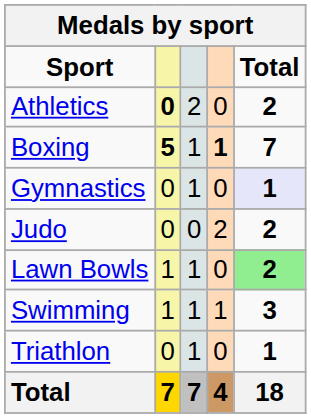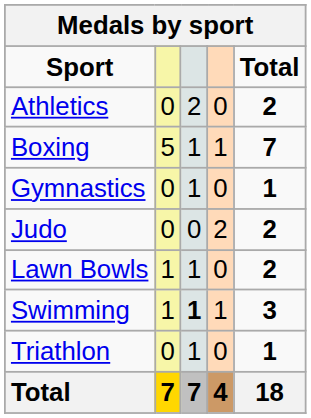 <table class="wikitable" style="text-align:center;font-size:90%">
 <tr style="background:#efefef;">
 <th colspan=7>Medals by sport</th>
 </tr>
 <tr>
 <td><strong>Sport</strong></td>
 <td bgcolor=#f7f6a8></td>
 <td bgcolor=#dce5e5></td>
 <td bgcolor=#ffdab9></td>
 <td><strong>Total</strong></td>
 </tr>
 <tr>
 <td style="text-align:left;"><a href='#'>Athletics</a></td>
-<td style="background:#F7F6A8;"><strong>0</strong></td>
+<td style="background:#F7F6A8;">0</td>
 <td style="background:#DCE5E5;">2</td>
 <td style="background:#FFDAB9;">0</td>
 <td><strong>2</strong></td>
 </tr>
 <tr>
 <td style="text-align:left;"><a href='#'>Boxing</a></td>
-<td style="background:#F7F6A8;"><strong>5</strong></td>
+<td style="background:#F7F6A8;">5</td>
 <td style="background:#DCE5E5;">1</td>
-<td style="background:#FFDAB9;"><strong>1</strong></td>
+<td style="background:#FFDAB9;">1</td>
 <td><strong>7</strong></td>
 </tr>
 <tr>
 <td style="text-align:left;"><a href='#'>Gymnastics</a></td>
 <td style="background:#F7F6A8;">0</td>
 <td style="background:#DCE5E5;">1</td>
 <td style="background:#FFDAB9;">0</td>
-<td style="background: lavender;"><strong>1</strong></td>
+<td><strong>1</strong></td>
 </tr>
 <tr>
 <td style="text-align:left;"><a href='#'>Judo</a></td>
 <td style="background:#F7F6A8;">0</td>
 <td style="background:#DCE5E5;">0</td>
 <td style="background:#FFDAB9;">2</td>
 <td><strong>2</strong></td>
 </tr>
 <tr>
 <td style="text-align:left;"><a href='#'>Lawn Bowls</a></td>
 <td style="background:#F7F6A8;">1</td>
 <td style="background:#DCE5E5;">1</td>
 <td style="background:#FFDAB9;">0</td>
-<td style="background: lightgreen;"><strong>2</strong></td>
+<td><strong>2</strong></td>
 </tr>
 <tr>
 <td style="text-align:left;"><a href='#'>Swimming</a></td>
 <td style="background:#F7F6A8;">1</td>
-<td style="background:#DCE5E5;">1</td>
+<td style="background:#DCE5E5;"><strong>1</strong></td>
 <td style="background:#FFDAB9;">1</td>
 <td><strong>3</strong></td>
 </tr>
 <tr>
 <td style="text-align:left;"><a href='#'>Triathlon</a></td>
 <td style="background:#F7F6A8;">0</td>
 <td style="background:#DCE5E5;">1</td>
 <td style="background:#FFDAB9;">0</td>
 <td><strong>1</strong></td>
 </tr>
 <tr>
 <th style="text-align:left;">Total</th>
 <th style="background:gold;">7</th>
 <th style="background:silver;">7</th>
 <th style="background:#c96;">4</th>
 <th>18</th>
 </tr>
 </table>
